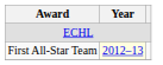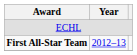 <table class="wikitable">
 <tr>
 <th>Award</th>
 <th>Year</th>
 <th></th>
 </tr>
 <tr ALIGN="center" bgcolor="#e0e0e0">
 <td colspan="3"><a href='#'>ECHL</a></td>
 </tr>
 <tr>
-<td>First All-Star Team</td>
-<td style="background: lightyellow;"><a href='#'>2012–13</a></td>
+<td><strong>First All-Star Team</strong></td>
+<td><a href='#'>2012–13</a></td>
 <td></td>
 </tr>
 <tr>
 </tr>
 </table>
